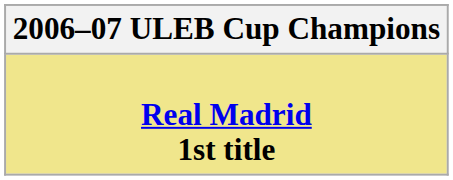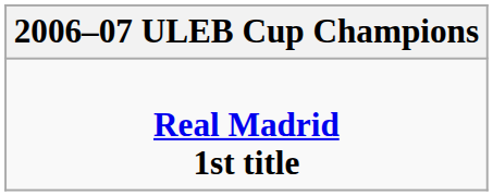 <table class=wikitable style="text-align:center; margin:auto">
 <tr>
 <th>2006–07 ULEB Cup Champions</th>
 </tr>
 <tr>
-<td style="background: khaki;"><br> <strong><a href='#'>Real Madrid</a></strong> <br> <strong>1st title</strong></td>
+<td><br> <strong><a href='#'>Real Madrid</a></strong> <br> <strong>1st title</strong></td>
 </tr>
 </table>
